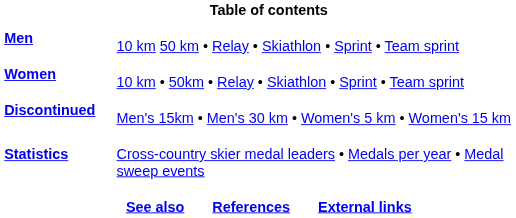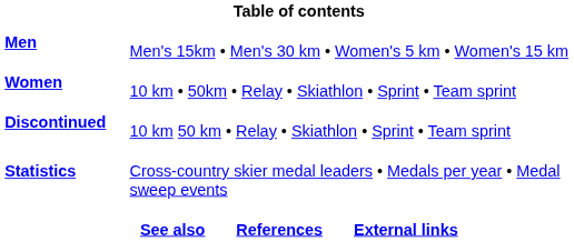 <table class="toc">
 <tr>
 <th colspan="2">Table of contents</th>
 </tr>
 <tr>
 <td width="55px" style="padding-left:1em;"><strong><a href='#'>Men</a></strong></td>
-<td style="padding-left:1em; padding-right:1em;"><br><a href='#'>10 km</a> <a href='#'>50 km</a> • <a href='#'>Relay</a> • <a href='#'>Skiathlon</a> • <a href='#'>Sprint</a> • <a href='#'>Team sprint</a></td>
+<td style="padding-left:1em; padding-right:1em;"><br><a href='#'>Men's 15km</a> • <a href='#'>Men's 30 km</a> • <a href='#'>Women's 5 km</a> • <a href='#'>Women's 15 km</a></td>
 </tr>
 <tr>
 <td style="padding-left:1em;"><strong><a href='#'>Women</a></strong></td>
 <td style="padding-left:1em; padding-right:1em;"><br><a href='#'>10 km</a> • <a href='#'>50km</a> • <a href='#'>Relay</a> • <a href='#'>Skiathlon</a> • <a href='#'>Sprint</a> • <a href='#'>Team sprint</a></td>
 </tr>
 <tr>
 <td style="padding-left:1em;"><strong><a href='#'>Discontinued</a> </strong></td>
-<td style="padding-left:1em; padding-right:1em;"><br><a href='#'>Men's 15km</a> • <a href='#'>Men's 30 km</a> • <a href='#'>Women's 5 km</a> • <a href='#'>Women's 15 km</a></td>
+<td style="padding-left:1em; padding-right:1em;"><br><a href='#'>10 km</a> <a href='#'>50 km</a> • <a href='#'>Relay</a> • <a href='#'>Skiathlon</a> • <a href='#'>Sprint</a> • <a href='#'>Team sprint</a></td>
 </tr>
 <tr>
 <td style="padding-left:1em;"><strong><a href='#'>Statistics</a></strong></td>
 <td style="padding-left:1em; padding-right:1em;"><br><a href='#'>Cross-country skier medal leaders</a> • <a href='#'>Medals per year</a> • <a href='#'>Medal sweep events</a></td>
 </tr>
 <tr>
 <td colspan="2" align="center"><br><strong><a href='#'>See also</a></strong>       <strong><a href='#'>References</a></strong>       <strong><a href='#'>External links</a></strong></td>
 </tr>
 </table>
